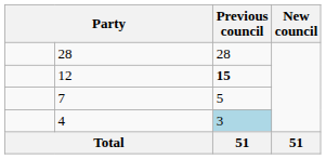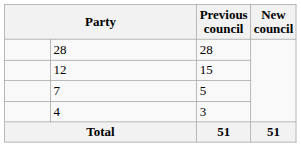 <table class="wikitable">
 <tr>
 <th valign=centre colspan="2" style="width: 230px">Party</th>
 <th valign=top style="width: 30px">Previous council</th>
 <th valign=top style="width: 30px">New council</th>
 </tr>
 <tr>
 <td></td>
 <td>28</td>
 <td>28</td>
 </tr>
 <tr>
 <td></td>
 <td>12</td>
-<td><strong>15</strong></td>
+<td>15</td>
 </tr>
 <tr>
 <td></td>
 <td>7</td>
 <td>5</td>
 </tr>
 <tr>
 <td></td>
 <td>4</td>
-<td style="background: lightblue;">3</td>
+<td>3</td>
 </tr>
 <tr>
 <th colspan=2>Total</th>
 <th style="text-align: center">51</th>
 <th colspan=3>51</th>
 </tr>
 </table>
